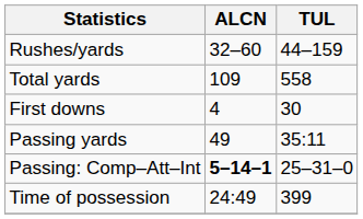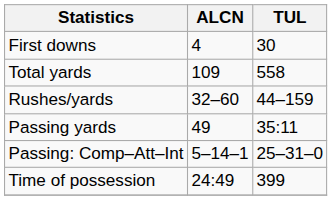 <table class="wikitable" style="float: left;">
 <tr>
 <th>Statistics</th>
 <th>ALCN</th>
 <th>TUL</th>
 </tr>
 <tr>
-<td>Rushes/yards</td>
-<td>32–60</td>
-<td>44–159</td>
+<td>First downs</td>
+<td>4</td>
+<td>30</td>
 </tr>
 <tr>
 <td>Total yards</td>
 <td>109</td>
 <td>558</td>
 </tr>
 <tr>
-<td>First downs</td>
-<td>4</td>
-<td>30</td>
+<td>Rushes/yards</td>
+<td>32–60</td>
+<td>44–159</td>
 </tr>
 <tr>
 <td>Passing yards</td>
 <td>49</td>
 <td>35:11</td>
 </tr>
 <tr>
 <td>Passing: Comp–Att–Int</td>
-<td><strong>5–14–1</strong></td>
+<td>5–14–1</td>
 <td>25–31–0</td>
 </tr>
 <tr>
 <td>Time of possession</td>
 <td>24:49</td>
 <td>399</td>
 </tr>
 <tr>
 </tr>
 </table>
